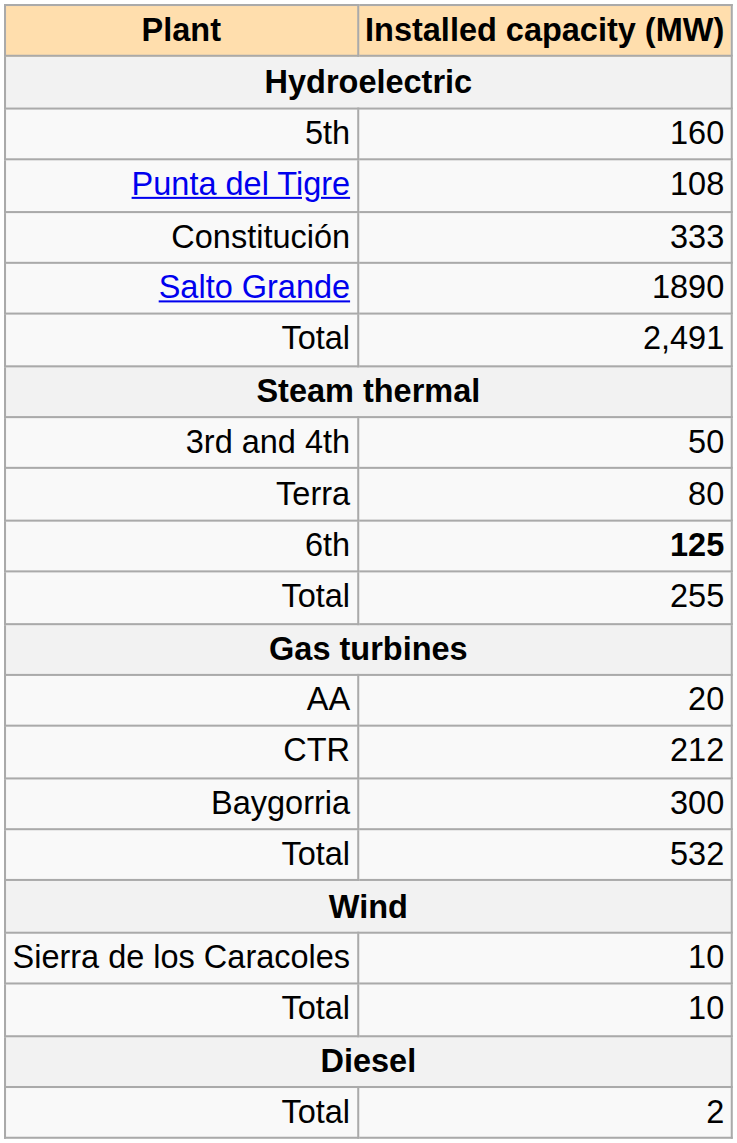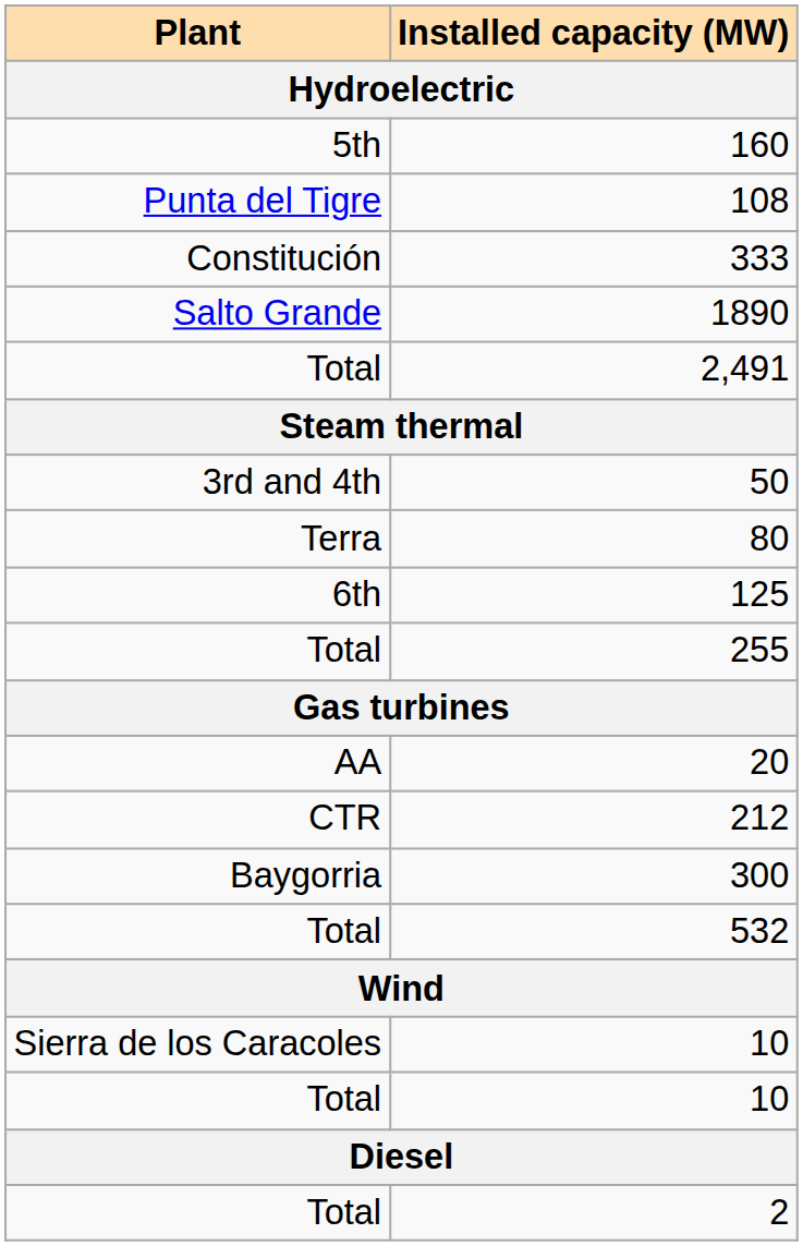 <table class="wikitable" style="text-align:right;">
 <tr>
 <th style="background:#ffdead;">Plant</th>
 <th style="background:#ffdead;">Installed capacity (MW)</th>
 </tr>
 <tr>
 <th colspan=2>Hydroelectric</th>
 </tr>
 <tr>
 <td>5th</td>
 <td>160</td>
 </tr>
 <tr>
 <td><a href='#'>Punta del Tigre</a></td>
 <td>108</td>
 </tr>
 <tr>
 <td>Constitución</td>
 <td>333</td>
 </tr>
 <tr>
 <td><a href='#'>Salto Grande</a></td>
 <td>1890</td>
 </tr>
 <tr>
 <td>Total</td>
 <td>2,491</td>
 </tr>
 <tr>
 <th colspan=2>Steam thermal</th>
 </tr>
 <tr>
 <td>3rd and 4th</td>
 <td>50</td>
 </tr>
 <tr>
 <td>Terra</td>
 <td>80</td>
 </tr>
 <tr>
 <td>6th</td>
-<td><strong>125</strong></td>
+<td>125</td>
 </tr>
 <tr>
 <td>Total</td>
 <td>255</td>
 </tr>
 <tr>
 <th colspan=2>Gas turbines</th>
 </tr>
 <tr>
 <td>AA</td>
 <td>20</td>
 </tr>
 <tr>
 <td>CTR</td>
 <td>212</td>
 </tr>
 <tr>
 <td>Baygorria</td>
 <td>300</td>
 </tr>
 <tr>
 <td>Total</td>
 <td>532</td>
 </tr>
 <tr>
 <th colspan=2>Wind</th>
 </tr>
 <tr>
 <td>Sierra de los Caracoles</td>
 <td>10</td>
 </tr>
 <tr>
 <td>Total</td>
 <td>10</td>
 </tr>
 <tr>
 <th colspan=2>Diesel</th>
 </tr>
 <tr>
 <td>Total</td>
 <td>2</td>
 </tr>
 </table>
